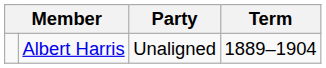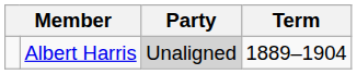 <table class="wikitable">
 <tr>
 <th colspan="2">Member</th>
 <th>Party</th>
 <th>Term</th>
 </tr>
 <tr>
 <td> </td>
 <td><a href='#'>Albert Harris</a></td>
-<td>Unaligned</td>
+<td style="background: lightgrey;">Unaligned</td>
 <td>1889–1904</td>
 </tr>
 </table>
